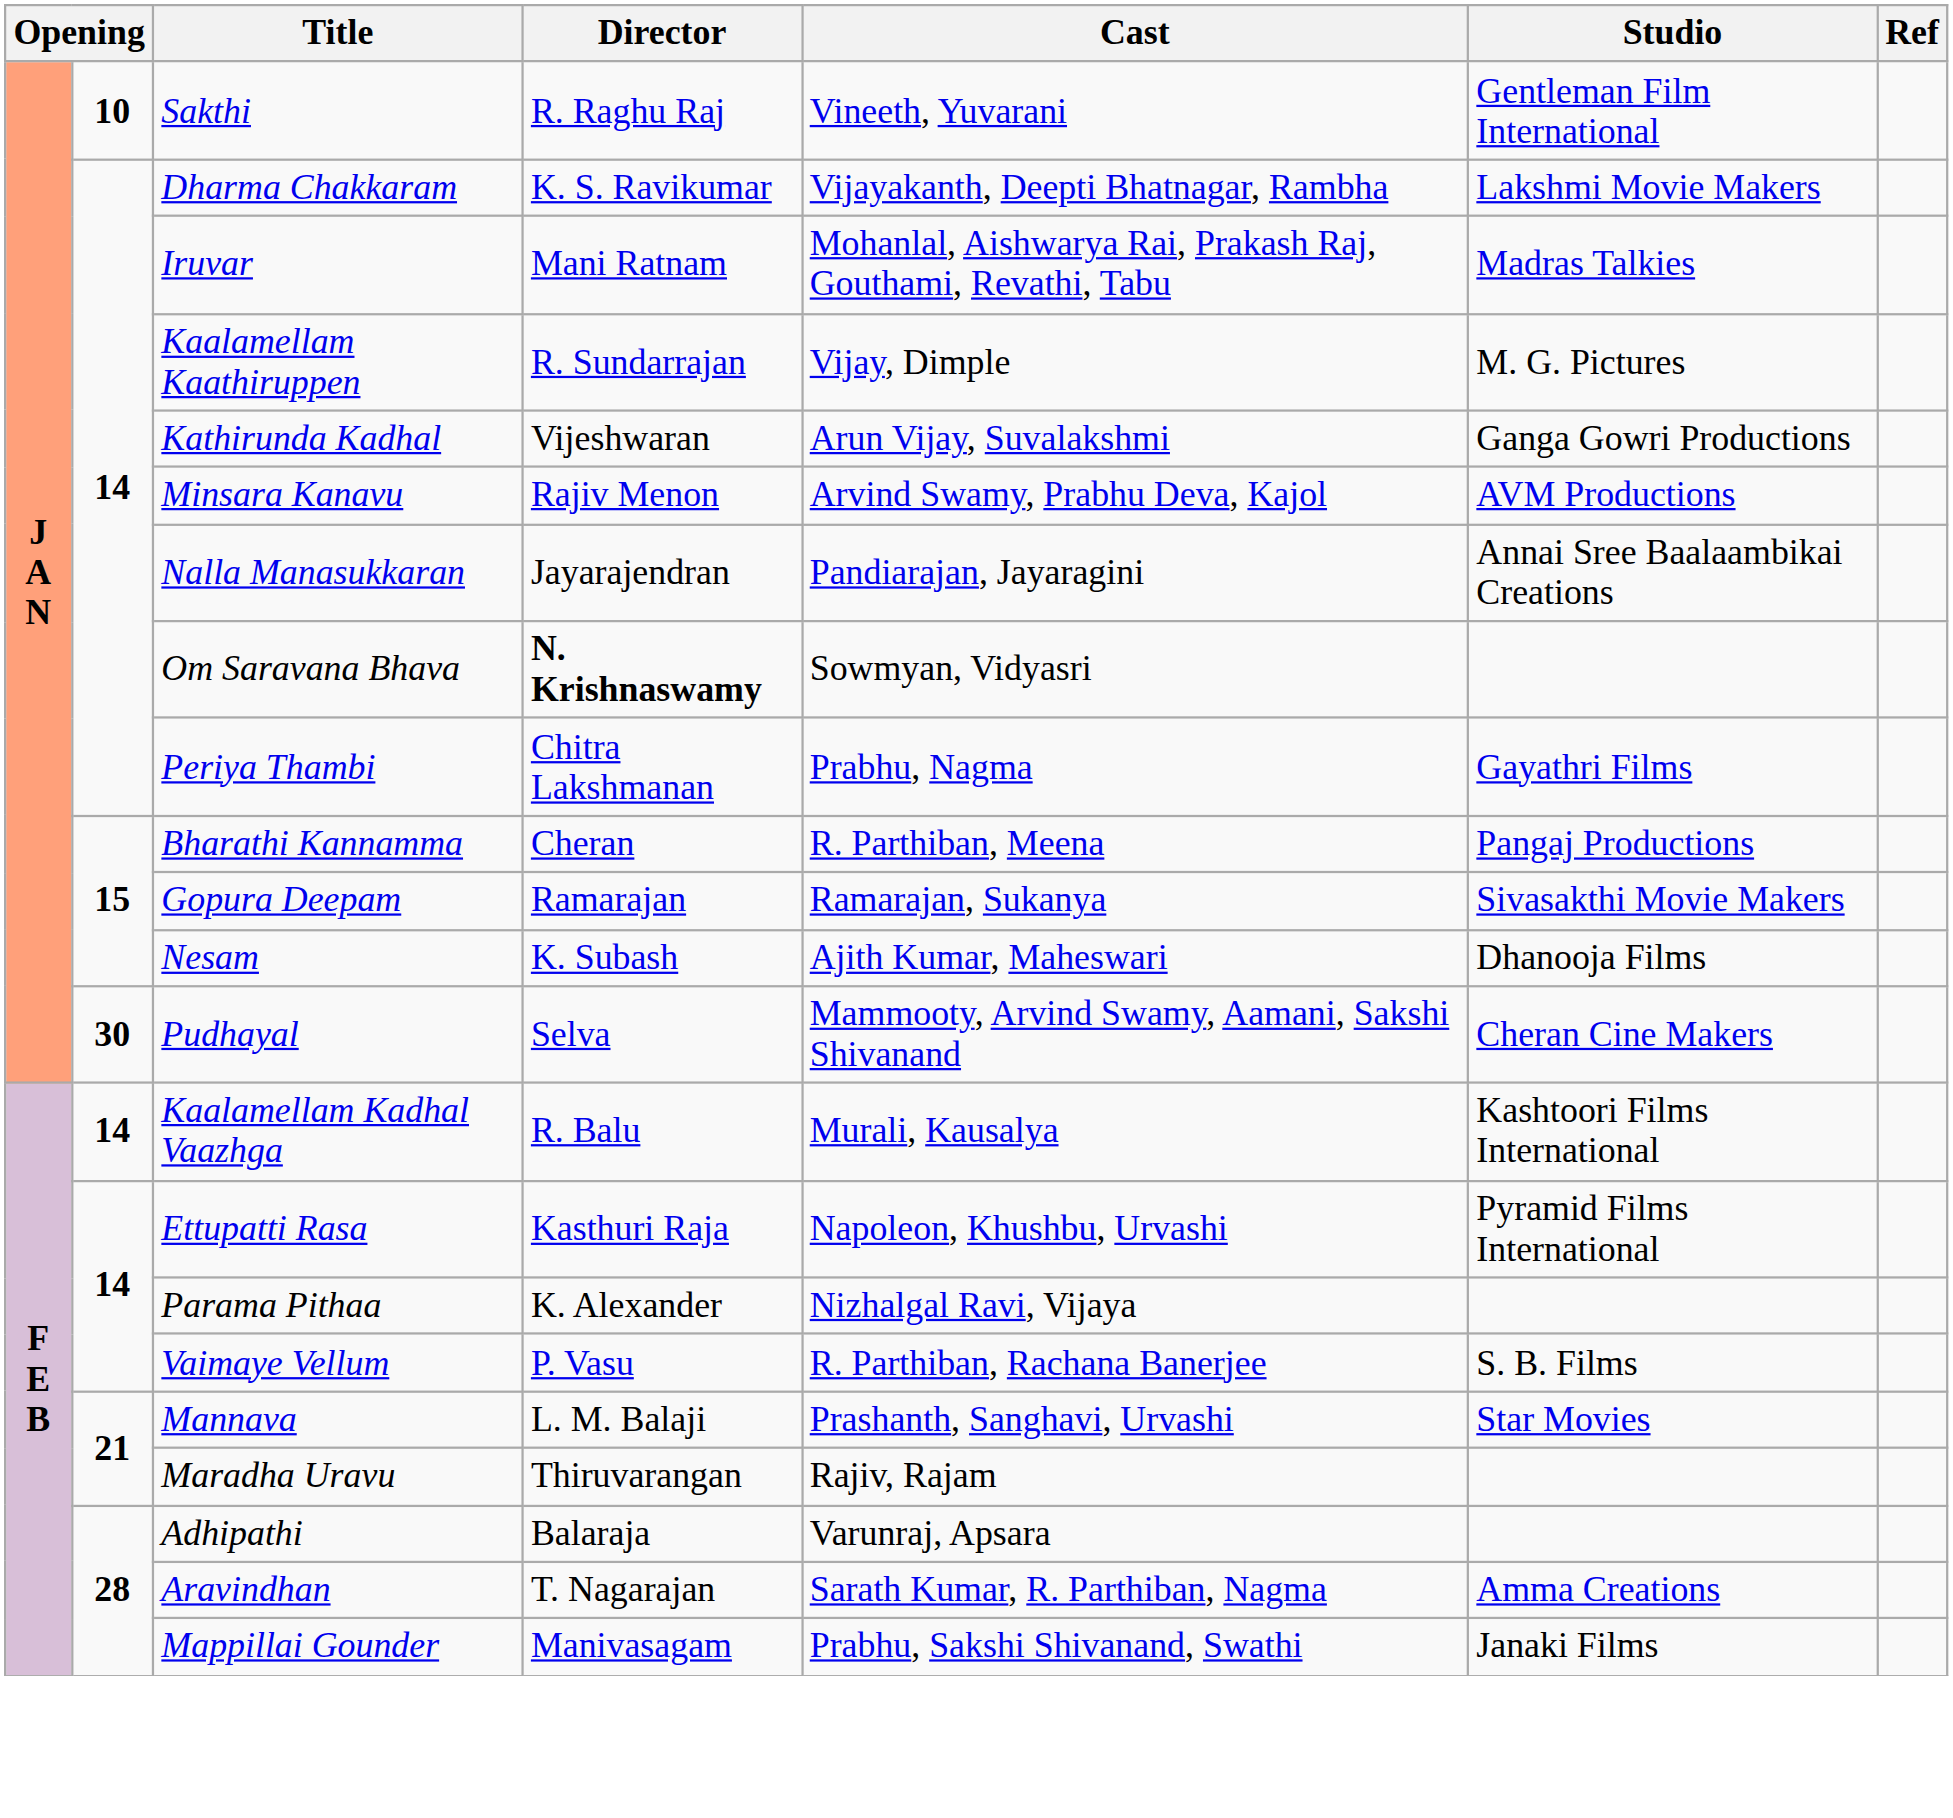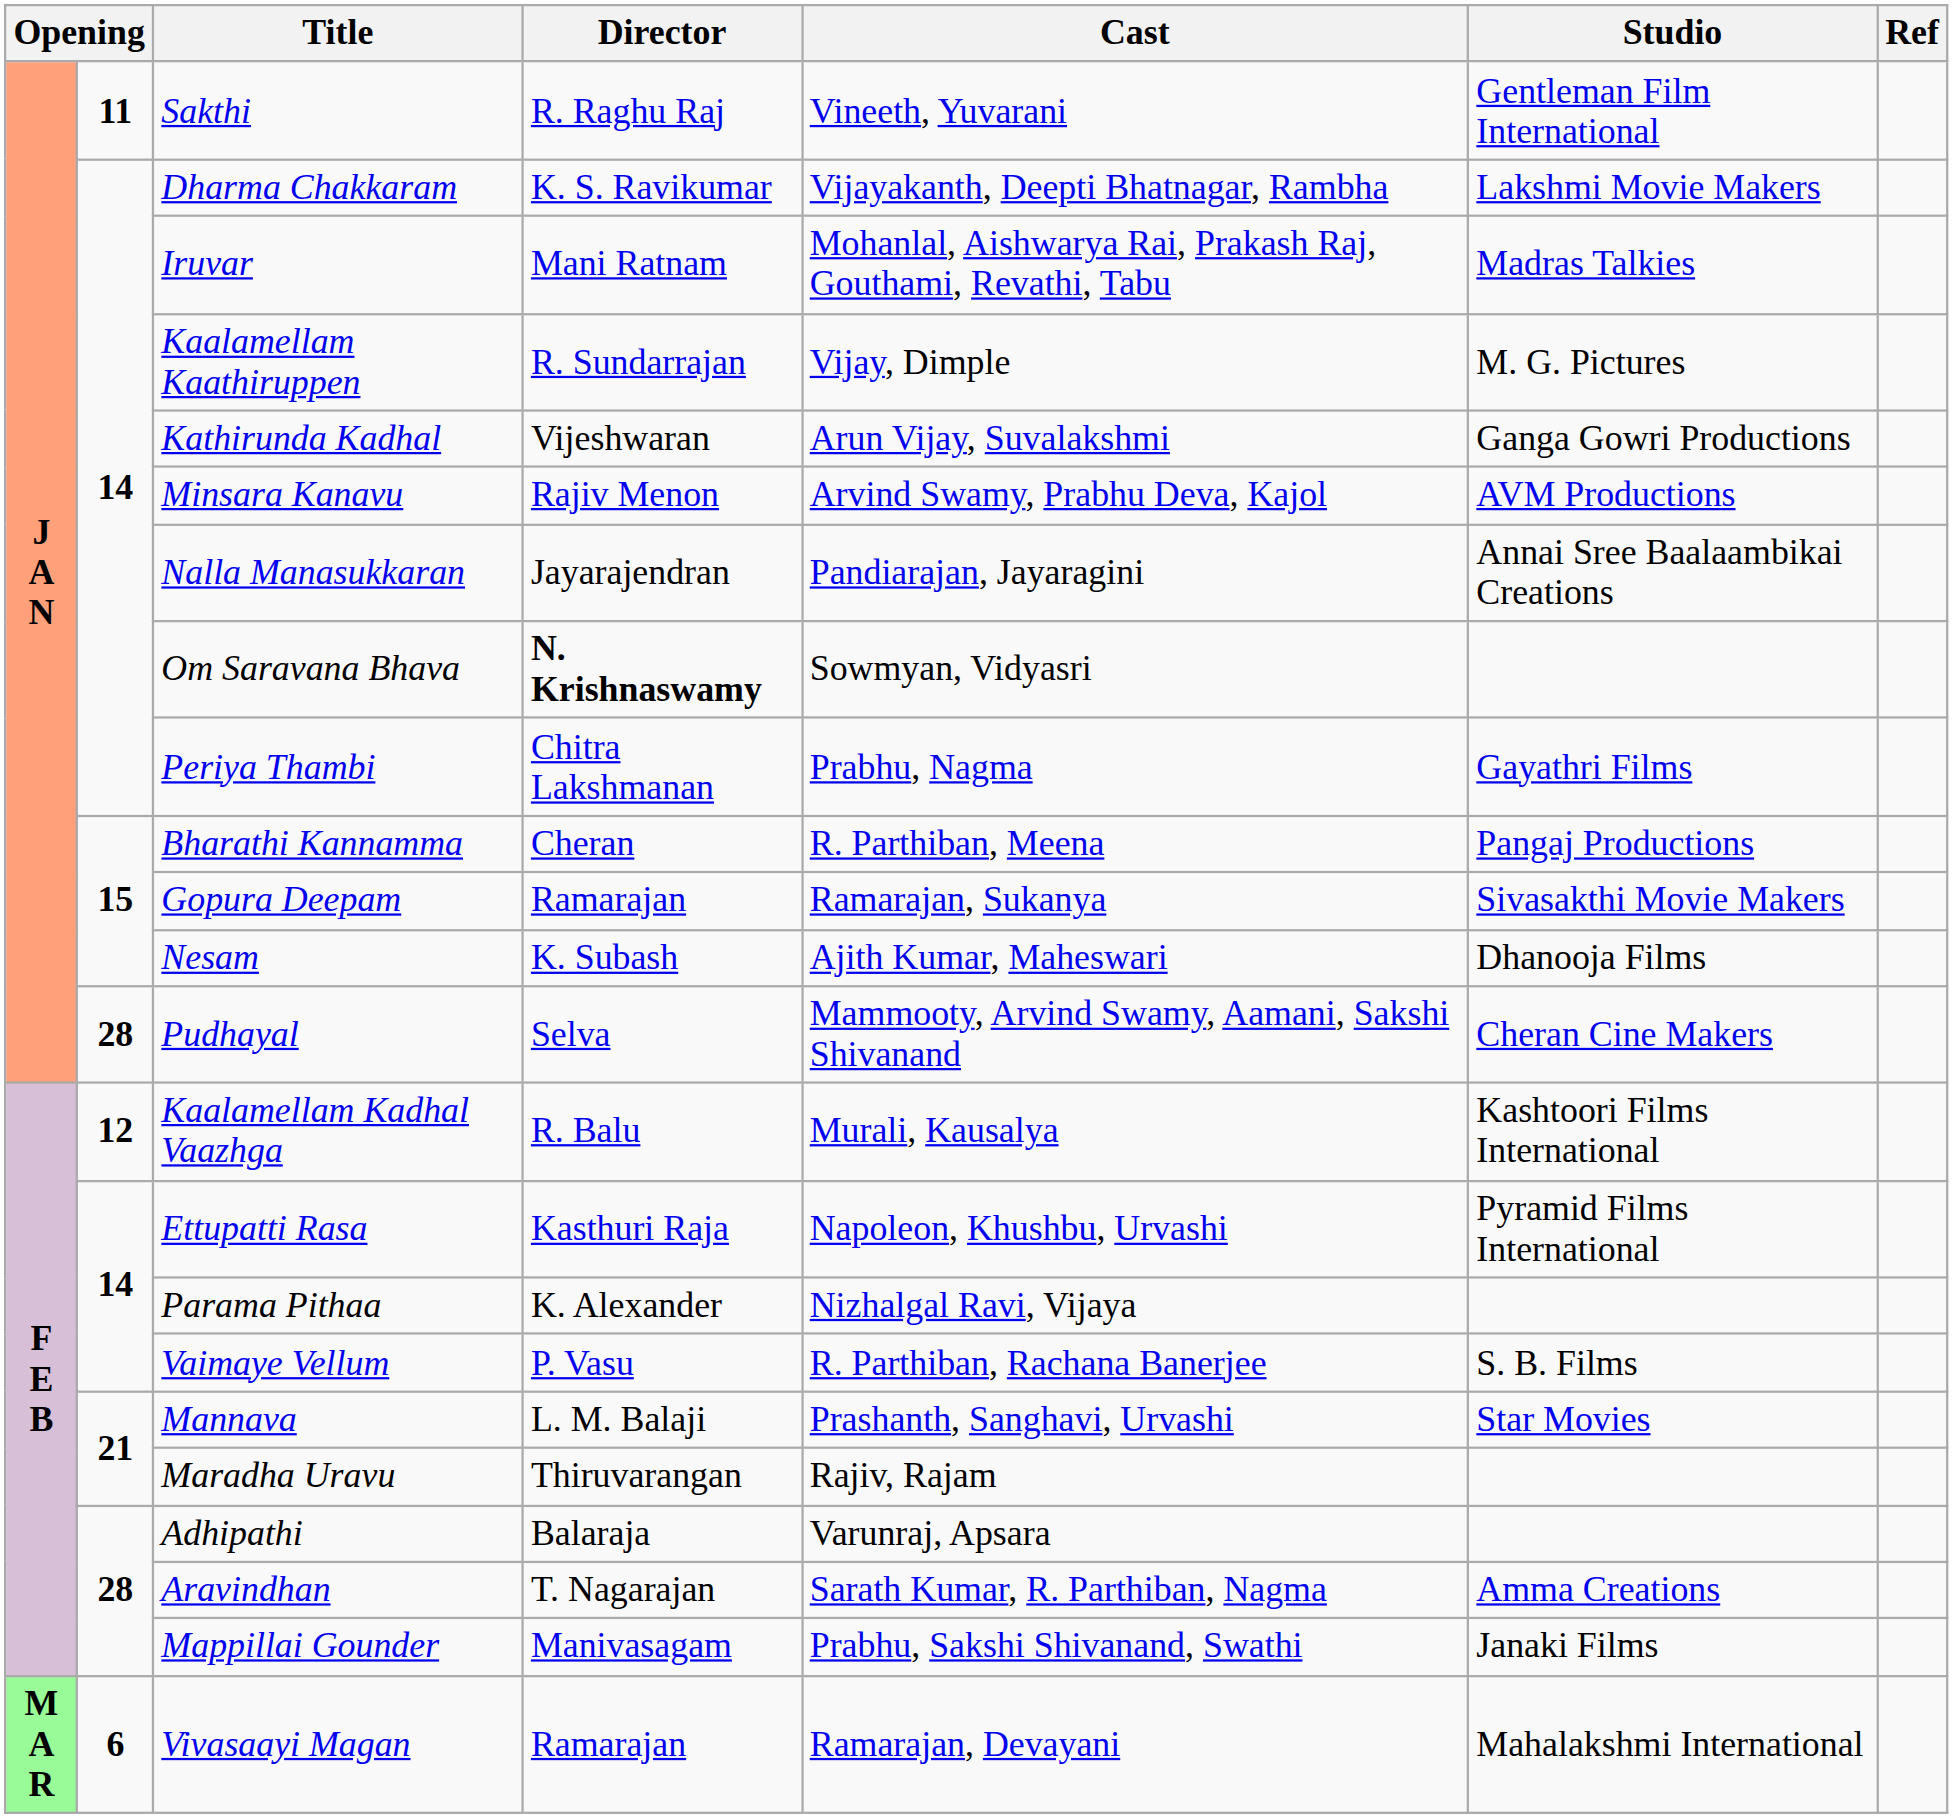 <table class="wikitable">
 <tr>
 <th colspan="2">Opening</th>
 <th>Title</th>
 <th>Director</th>
 <th>Cast</th>
 <th>Studio</th>
 <th>Ref</th>
 </tr>
 <tr January!>
 <td rowspan="13" valign="center" align="center" style="background:#FFA07A; textcolor:#000;"><strong>J<br>A<br>N</strong></td>
-<td rowspan="1" align="center"><strong>10</strong></td>
+<td rowspan="1" align="center"><strong>11</strong></td>
 <td><em><a href='#'>Sakthi</a></em></td>
 <td><a href='#'>R. Raghu Raj</a></td>
 <td><a href='#'>Vineeth</a>, <a href='#'>Yuvarani</a></td>
 <td><a href='#'>Gentleman Film International</a></td>
 <td></td>
 </tr>
 <tr>
 <td rowspan="8" align="center"><strong>14</strong></td>
 <td><em><a href='#'>Dharma Chakkaram</a></em></td>
 <td><a href='#'>K. S. Ravikumar</a></td>
 <td><a href='#'>Vijayakanth</a>, <a href='#'>Deepti Bhatnagar</a>, <a href='#'>Rambha</a></td>
 <td><a href='#'>Lakshmi Movie Makers</a></td>
 <td></td>
 </tr>
 <tr>
 <td><em><a href='#'>Iruvar</a></em></td>
 <td><a href='#'>Mani Ratnam</a></td>
 <td><a href='#'>Mohanlal</a>, <a href='#'>Aishwarya Rai</a>, <a href='#'>Prakash Raj</a>, <a href='#'>Gouthami</a>, <a href='#'>Revathi</a>, <a href='#'>Tabu</a></td>
 <td><a href='#'>Madras Talkies</a></td>
 <td></td>
 </tr>
 <tr>
 <td><em><a href='#'>Kaalamellam Kaathiruppen</a></em></td>
 <td><a href='#'>R. Sundarrajan</a></td>
 <td><a href='#'>Vijay</a>, Dimple</td>
 <td>M. G. Pictures</td>
 <td></td>
 </tr>
 <tr>
 <td><em><a href='#'>Kathirunda Kadhal</a></em></td>
 <td>Vijeshwaran</td>
 <td><a href='#'>Arun Vijay</a>, <a href='#'>Suvalakshmi</a></td>
 <td>Ganga Gowri Productions</td>
 <td></td>
 </tr>
 <tr>
 <td><em><a href='#'>Minsara Kanavu</a></em></td>
 <td><a href='#'>Rajiv Menon</a></td>
 <td><a href='#'>Arvind Swamy</a>, <a href='#'>Prabhu Deva</a>, <a href='#'>Kajol</a></td>
 <td><a href='#'>AVM Productions</a></td>
 <td></td>
 </tr>
 <tr>
 <td><em><a href='#'>Nalla Manasukkaran</a></em></td>
 <td>Jayarajendran</td>
 <td><a href='#'>Pandiarajan</a>, Jayaragini</td>
 <td>Annai Sree Baalaambikai Creations</td>
 <td></td>
 </tr>
 <tr>
 <td><em>Om Saravana Bhava</em></td>
 <td><strong>N. Krishnaswamy</strong></td>
 <td>Sowmyan, Vidyasri</td>
 <td></td>
 <td></td>
 </tr>
 <tr>
 <td><em><a href='#'>Periya Thambi</a></em></td>
 <td><a href='#'>Chitra Lakshmanan</a></td>
 <td><a href='#'>Prabhu</a>, <a href='#'>Nagma</a></td>
 <td><a href='#'>Gayathri Films</a></td>
 <td></td>
 </tr>
 <tr>
 <td rowspan="3" align="center"><strong>15</strong></td>
 <td><em><a href='#'>Bharathi Kannamma</a></em></td>
 <td><a href='#'>Cheran</a></td>
 <td><a href='#'>R. Parthiban</a>, <a href='#'>Meena</a></td>
 <td><a href='#'>Pangaj Productions</a></td>
 <td></td>
 </tr>
 <tr>
 <td><em><a href='#'>Gopura Deepam</a></em></td>
 <td><a href='#'>Ramarajan</a></td>
 <td><a href='#'>Ramarajan</a>, <a href='#'>Sukanya</a></td>
 <td><a href='#'>Sivasakthi Movie Makers</a></td>
 <td></td>
 </tr>
 <tr>
 <td><em><a href='#'>Nesam</a></em></td>
 <td><a href='#'>K. Subash</a></td>
 <td><a href='#'>Ajith Kumar</a>, <a href='#'>Maheswari</a></td>
 <td>Dhanooja Films</td>
 <td></td>
 </tr>
 <tr>
-<td rowspan="1" align="center"><strong>30</strong></td>
+<td rowspan="1" align="center"><strong>28</strong></td>
 <td><em><a href='#'>Pudhayal</a></em></td>
 <td><a href='#'>Selva</a></td>
 <td><a href='#'>Mammooty</a>, <a href='#'>Arvind Swamy</a>, <a href='#'>Aamani</a>, <a href='#'>Sakshi Shivanand</a></td>
 <td><a href='#'>Cheran Cine Makers</a></td>
 <td></td>
 </tr>
 <tr February!>
 <td rowspan="9" valign="center" align="center" style="background:#D8BFD8; textcolor:#000;"><strong>F<br>E<br>B</strong></td>
-<td rowspan="1" align="center"><strong>14</strong></td>
+<td rowspan="1" align="center"><strong>12</strong></td>
 <td><em><a href='#'>Kaalamellam Kadhal Vaazhga</a></em></td>
 <td><a href='#'>R. Balu</a></td>
 <td><a href='#'>Murali</a>, <a href='#'>Kausalya</a></td>
 <td>Kashtoori Films International</td>
 <td></td>
 </tr>
 <tr>
 <td rowspan="3" align="center"><strong>14</strong></td>
 <td><em><a href='#'>Ettupatti Rasa</a></em></td>
 <td><a href='#'>Kasthuri Raja</a></td>
 <td><a href='#'>Napoleon</a>, <a href='#'>Khushbu</a>, <a href='#'>Urvashi</a></td>
 <td>Pyramid Films International</td>
 <td></td>
 </tr>
 <tr>
 <td><em>Parama Pithaa</em></td>
 <td>K. Alexander</td>
 <td><a href='#'>Nizhalgal Ravi</a>, Vijaya</td>
 <td></td>
 <td></td>
 </tr>
 <tr>
 <td><em><a href='#'>Vaimaye Vellum</a></em></td>
 <td><a href='#'>P. Vasu</a></td>
 <td><a href='#'>R. Parthiban</a>, <a href='#'>Rachana Banerjee</a></td>
 <td>S. B. Films</td>
 <td></td>
 </tr>
 <tr>
 <td rowspan="2" align="center"><strong>21</strong></td>
 <td><em><a href='#'>Mannava</a></em></td>
 <td>L. M. Balaji</td>
 <td><a href='#'>Prashanth</a>, <a href='#'>Sanghavi</a>, <a href='#'>Urvashi</a></td>
 <td><a href='#'>Star Movies</a></td>
 <td></td>
 </tr>
 <tr>
 <td><em>Maradha Uravu</em></td>
 <td>Thiruvarangan</td>
 <td>Rajiv, Rajam</td>
 <td></td>
 <td></td>
 </tr>
 <tr>
 <td rowspan="3" align="center"><strong>28</strong></td>
 <td><em>Adhipathi</em></td>
 <td>Balaraja</td>
 <td>Varunraj, Apsara</td>
 <td></td>
 <td></td>
 </tr>
 <tr>
 <td><em><a href='#'>Aravindhan</a></em></td>
 <td>T. Nagarajan</td>
 <td><a href='#'>Sarath Kumar</a>, <a href='#'>R. Parthiban</a>, <a href='#'>Nagma</a></td>
 <td><a href='#'>Amma Creations</a></td>
 <td></td>
 </tr>
 <tr>
 <td><em><a href='#'>Mappillai Gounder</a></em></td>
 <td><a href='#'>Manivasagam</a></td>
 <td><a href='#'>Prabhu</a>, <a href='#'>Sakshi Shivanand</a>, <a href='#'>Swathi</a></td>
 <td>Janaki Films</td>
 <td></td>
 </tr>
+<tr March>
+<td rowspan="1" valign="center" align="center" style="background:#98FB98; textcolor:#000;"><strong>M<br>A<br>R</strong></td>
+<td rowspan="1" align="center"><strong>6</strong></td>
+<td><em><a href='#'>Vivasaayi Magan</a></em></td>
+<td><a href='#'>Ramarajan</a></td>
+<td><a href='#'>Ramarajan</a>, <a href='#'>Devayani</a></td>
+<td>Mahalakshmi International</td>
+<td></td>
+</tr>
 </table>
